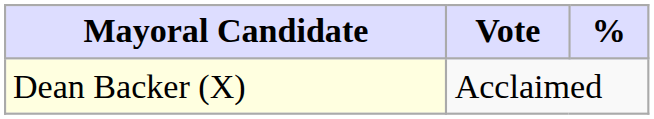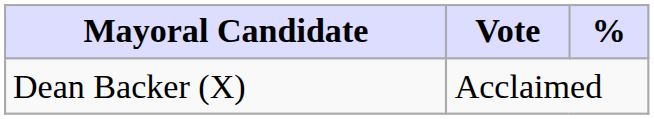 <table class="wikitable">
 <tr>
 <th style="background:#ddf; width:200px;">Mayoral Candidate </th>
 <th style="background:#ddf; width:50px;">Vote</th>
 <th style="background:#ddf; width:30px;">%</th>
 </tr>
 <tr>
-<td style="background: lightyellow;">Dean Backer (X)</td>
+<td>Dean Backer (X)</td>
 <td colspan="2">Acclaimed</td>
 </tr>
 </table>
